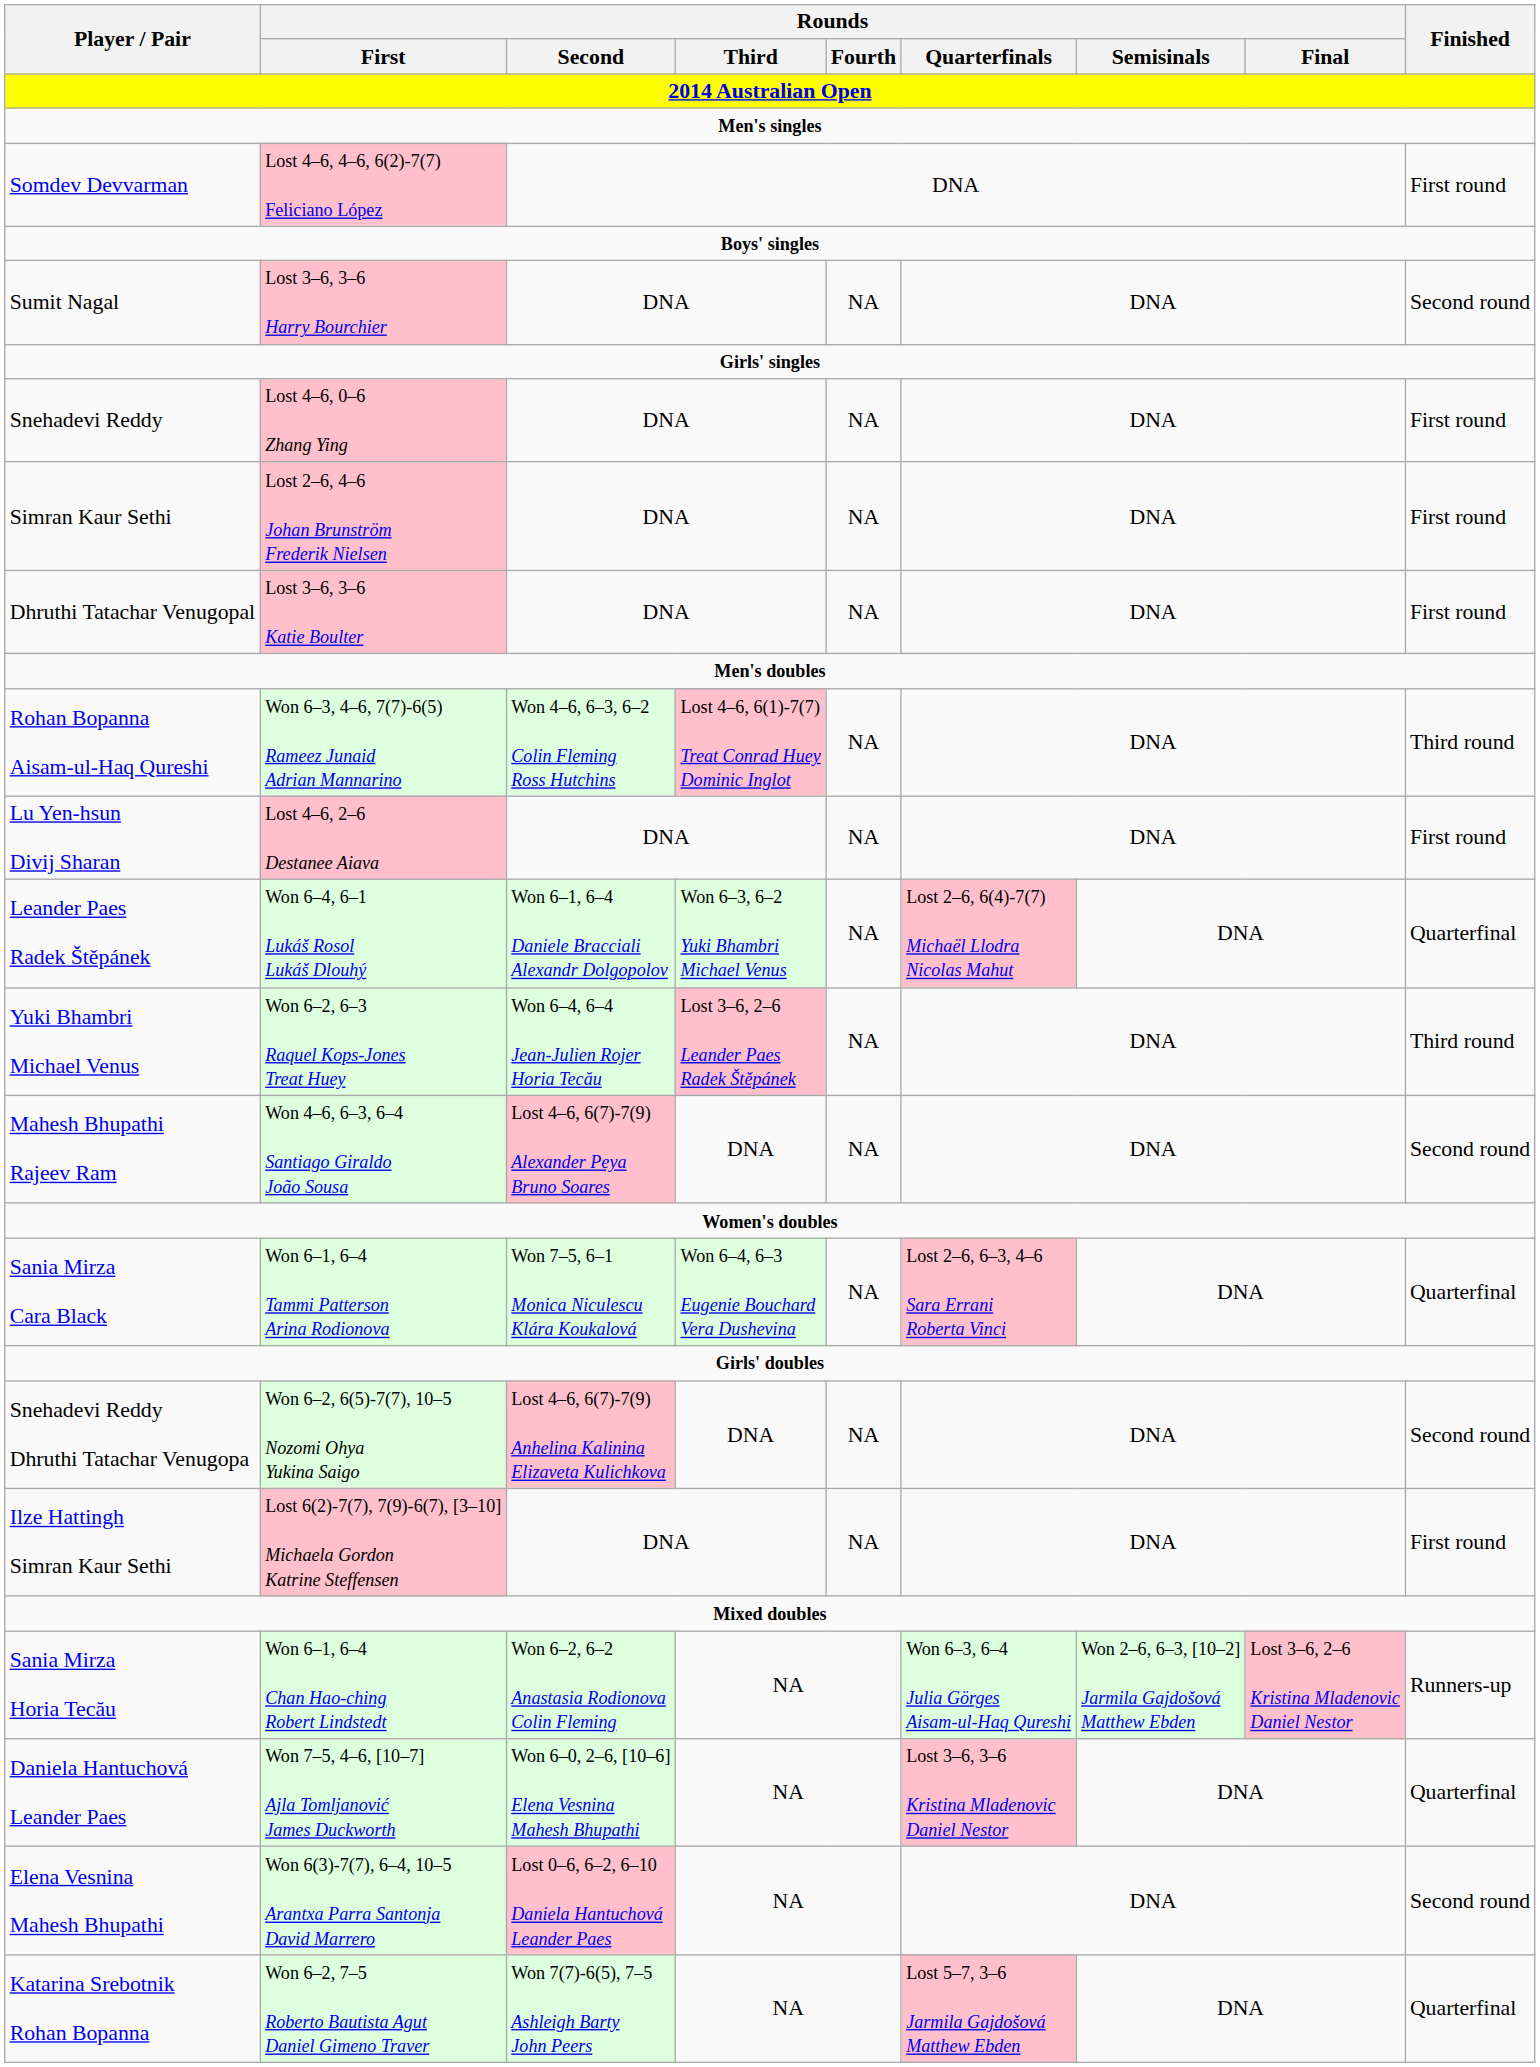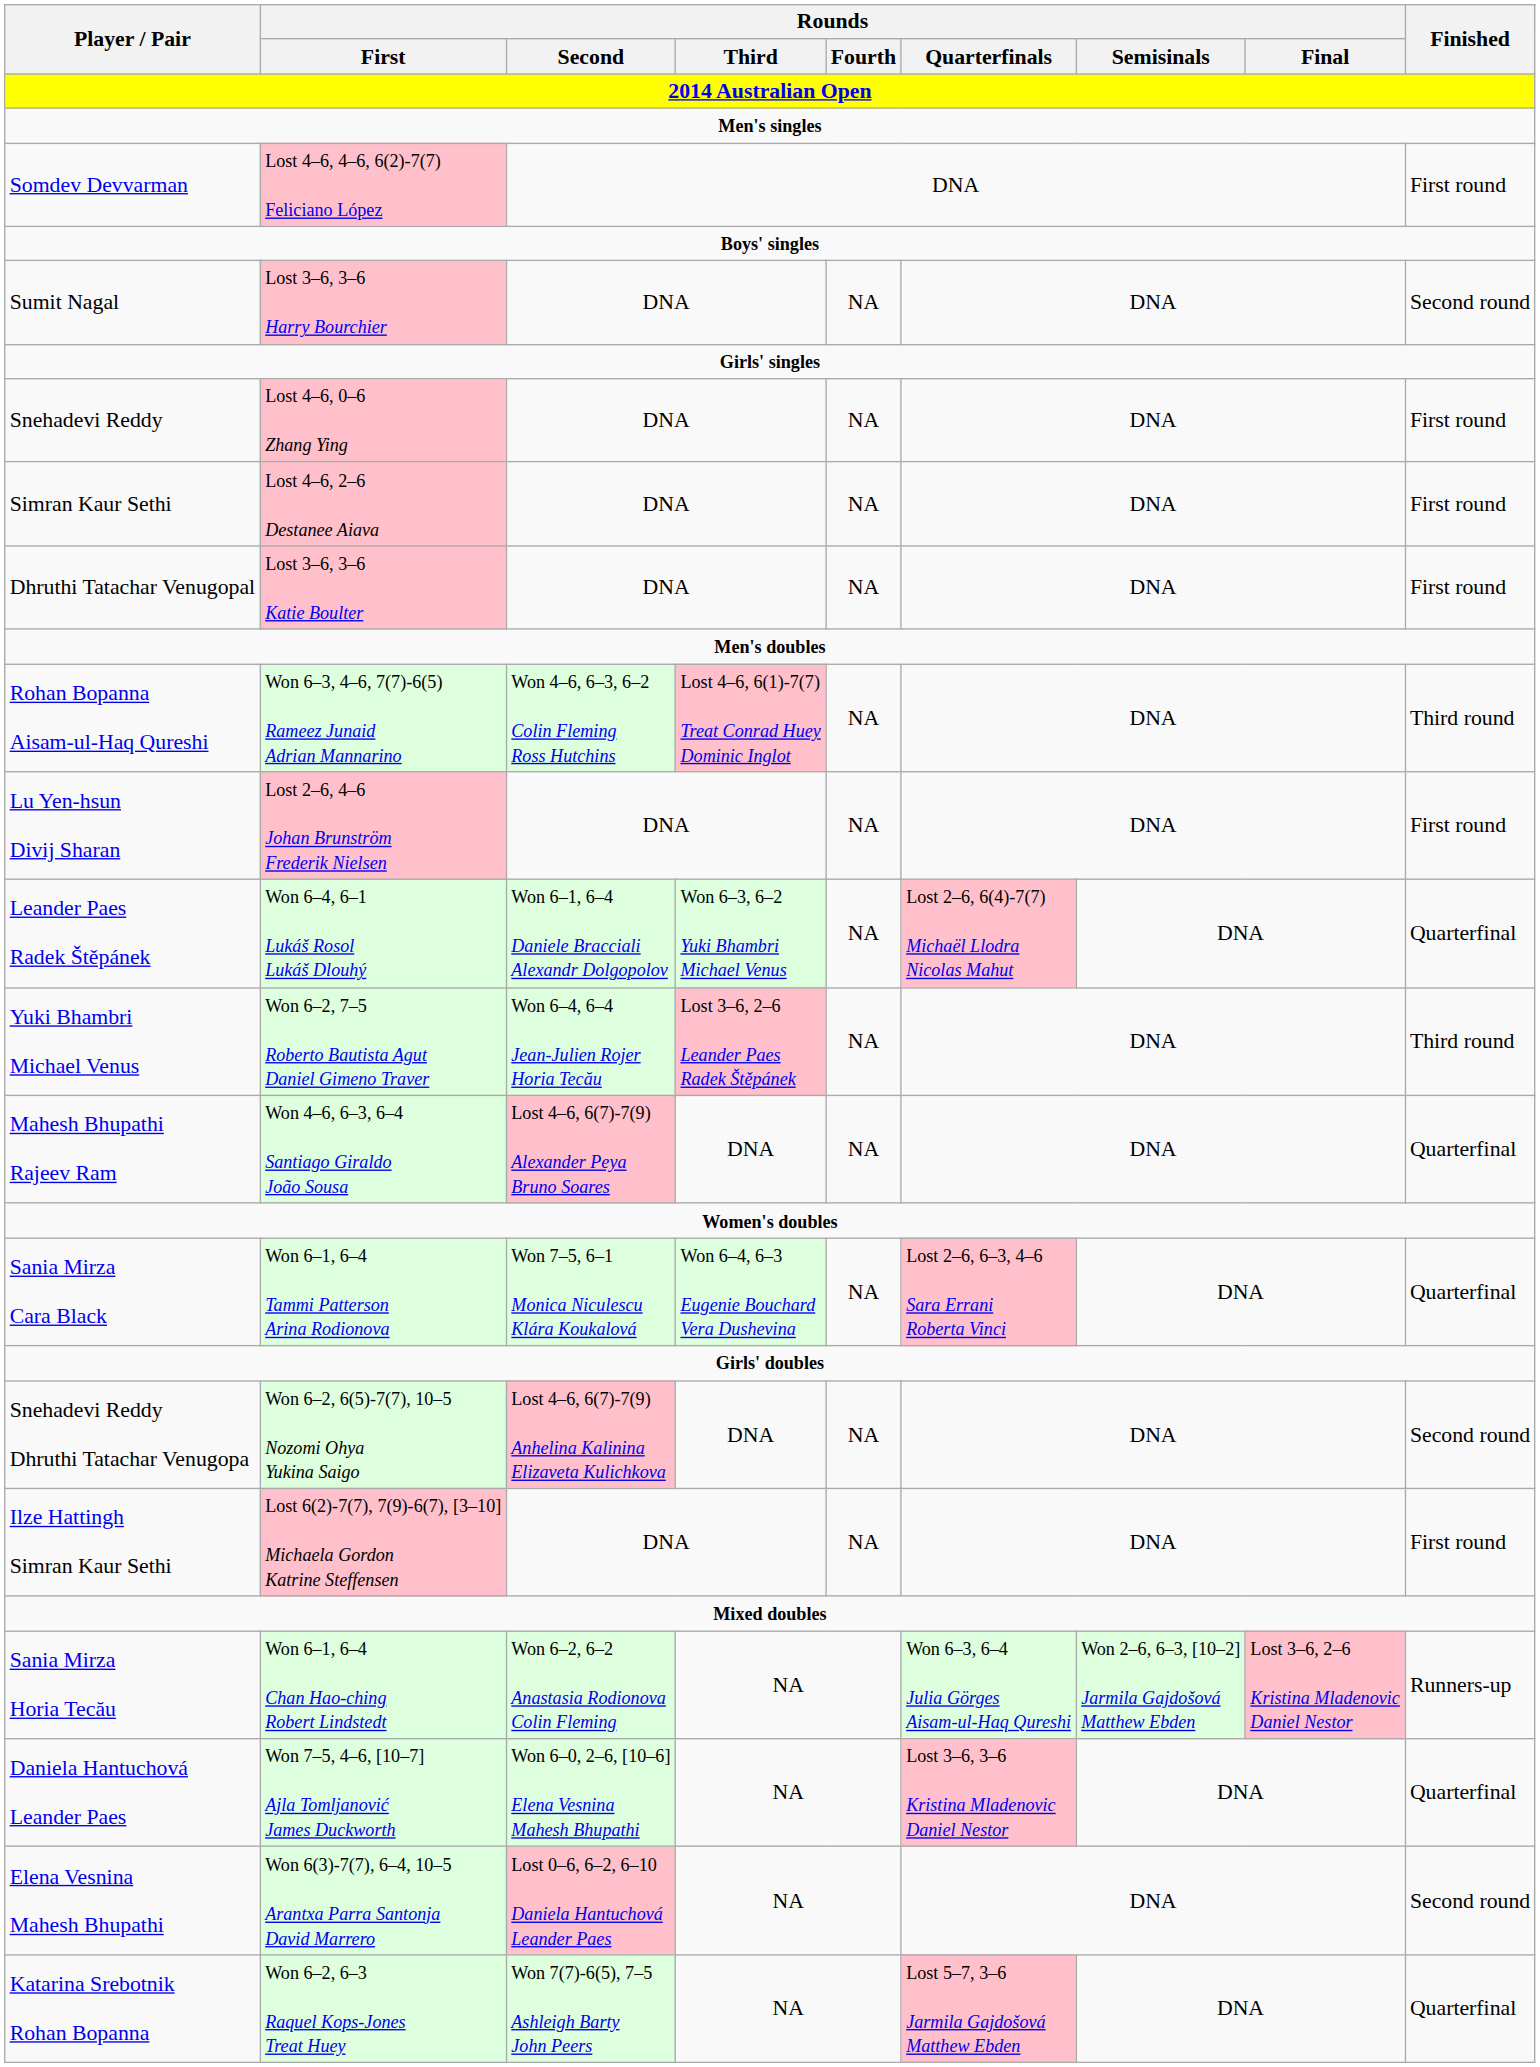 <table class="wikitable">
 <tr>
 <th rowspan=2>Player / Pair</th>
 <th colspan=7>Rounds</th>
 <th rowspan=2>Finished</th>
 </tr>
 <tr>
 <th>First</th>
 <th>Second</th>
 <th>Third</th>
 <th>Fourth</th>
 <th>Quarterfinals</th>
 <th>Semisinals</th>
 <th>Final</th>
 </tr>
 <tr>
 <td colspan=9 align="center" bgcolor="yellow"><strong><a href='#'>2014 Australian Open</a></strong></td>
 </tr>
 <tr>
 <td colspan=9 align="center" bgcolour="orange"><small><strong>Men's singles</strong></small></td>
 </tr>
 <tr>
 <td> <a href='#'>Somdev Devvarman</a></td>
 <td bgcolor="pink"><small>Lost 4–6, 4–6, 6(2)-7(7)</small><br><br><small> <a href='#'>Feliciano López</a></small></td>
 <td colspan=6 align="center">DNA</td>
 <td>First round</td>
 </tr>
 <tr>
 <td colspan=9 align="center" bgcolour="orange"><small><strong>Boys' singles</strong></small></td>
 </tr>
 <tr>
 <td> Sumit Nagal</td>
 <td bgcolor="pink"><small>Lost 3–6, 3–6</small><br><br><small><em> <a href='#'>Harry Bourchier</a></em></small></td>
 <td colspan=2 align="center">DNA</td>
 <td align="center">NA</td>
 <td colspan=3 align="center">DNA</td>
 <td>Second round</td>
 </tr>
 <tr>
 <td colspan=9 align="center" bgcolour="orange"><small><strong>Girls' singles</strong></small></td>
 </tr>
 <tr>
 <td> Snehadevi Reddy</td>
 <td bgcolor="pink"><small>Lost 4–6, 0–6</small><br><br><small><em> Zhang Ying</em></small></td>
 <td colspan=2 align="center">DNA</td>
 <td align="center">NA</td>
 <td colspan=3 align="center">DNA</td>
 <td>First round</td>
 </tr>
 <tr>
 <td> Simran Kaur Sethi</td>
-<td bgcolor="pink"><small>Lost 2–6, 4–6</small><br><br><small><em> <a href='#'>Johan Brunström</a></em></small><br> <small><em> <a href='#'>Frederik Nielsen</a></em></small></td>
+<td bgcolor="pink"><small>Lost 4–6, 2–6</small><br><br><small><em> Destanee Aiava</em></small></td>
 <td colspan=2 align="center">DNA</td>
 <td align="center">NA</td>
 <td colspan=3 align="center">DNA</td>
 <td>First round</td>
 </tr>
 <tr>
 <td> Dhruthi Tatachar Venugopal</td>
 <td bgcolor="pink"><small>Lost 3–6, 3–6</small><br><br><small><em> <a href='#'>Katie Boulter</a></em></small></td>
 <td colspan=2 align="center">DNA</td>
 <td align="center">NA</td>
 <td colspan=3 align="center">DNA</td>
 <td>First round</td>
 </tr>
 <tr>
 <td colspan=9 align="center" bgcolour="orange"><small><strong>Men's doubles</strong></small></td>
 </tr>
 <tr>
 <td> <a href='#'>Rohan Bopanna</a><br><br> <a href='#'>Aisam-ul-Haq Qureshi</a></td>
 <td style="background:#dfd;"><small>Won 6–3, 4–6, 7(7)-6(5)</small><br><br><small><em> <a href='#'>Rameez Junaid</a></em></small><br> <small><em> <a href='#'>Adrian Mannarino</a></em></small></td>
 <td style="background:#dfd;"><small>Won 4–6, 6–3, 6–2</small><br><br><small><em> <a href='#'>Colin Fleming</a></em></small><br> <small><em> <a href='#'>Ross Hutchins</a></em></small></td>
 <td bgcolor="pink"><small>Lost 4–6, 6(1)-7(7)</small><br><br><small><em> <a href='#'>Treat Conrad Huey</a></em></small><br> <small><em> <a href='#'>Dominic Inglot</a></em></small></td>
 <td align="center">NA</td>
 <td colspan=3 align="center">DNA</td>
 <td>Third round</td>
 </tr>
 <tr>
 <td> <a href='#'>Lu Yen-hsun</a><br><br> <a href='#'>Divij Sharan</a></td>
-<td bgcolor="pink"><small>Lost 4–6, 2–6</small><br><br><small><em> Destanee Aiava</em></small></td>
+<td bgcolor="pink"><small>Lost 2–6, 4–6</small><br><br><small><em> <a href='#'>Johan Brunström</a></em></small><br> <small><em> <a href='#'>Frederik Nielsen</a></em></small></td>
 <td colspan=2 align="center">DNA</td>
 <td align="center">NA</td>
 <td colspan=3 align="center">DNA</td>
 <td>First round</td>
 </tr>
 <tr>
 <td> <a href='#'>Leander Paes</a><br><br> <a href='#'>Radek Štěpánek</a></td>
 <td style="background:#dfd;"><small>Won 6–4, 6–1</small><br><br><small><em> <a href='#'>Lukáš Rosol</a></em></small><br> <small><em> <a href='#'>Lukáš Dlouhý</a></em></small></td>
 <td style="background:#dfd;"><small>Won 6–1, 6–4</small><br><br><small><em> <a href='#'>Daniele Bracciali</a></em></small><br> <small><em> <a href='#'>Alexandr Dolgopolov</a></em></small></td>
 <td style="background:#dfd;"><small>Won 6–3, 6–2</small><br><br><small><em> <a href='#'>Yuki Bhambri</a></em></small><br> <small><em> <a href='#'>Michael Venus</a></em></small></td>
 <td align="center">NA</td>
 <td bgcolor="pink"><small>Lost 2–6, 6(4)-7(7)</small><br><br><small><em> <a href='#'>Michaël Llodra</a></em></small><br> <small><em> <a href='#'>Nicolas Mahut</a></em></small></td>
 <td colspan=2 align="center">DNA</td>
 <td>Quarterfinal</td>
 </tr>
 <tr>
 <td> <a href='#'>Yuki Bhambri</a><br><br> <a href='#'>Michael Venus</a></td>
-<td style="background:#dfd;"><small>Won 6–2, 6–3</small><br><br><small><em> <a href='#'>Raquel Kops-Jones</a></em></small><br> <small><em> <a href='#'>Treat Huey</a></em></small></td>
+<td style="background:#dfd;"><small>Won 6–2, 7–5</small><br><br><small><em> <a href='#'>Roberto Bautista Agut</a></em></small><br> <small><em> <a href='#'>Daniel Gimeno Traver</a></em></small></td>
 <td style="background:#dfd;"><small>Won 6–4, 6–4</small><br><br><small><em> <a href='#'>Jean-Julien Rojer</a></em></small><br> <small><em> <a href='#'>Horia Tecău</a></em></small></td>
 <td bgcolor="pink"><small>Lost 3–6, 2–6</small><br><br><small><em> <a href='#'>Leander Paes</a></em></small><br> <small><em> <a href='#'>Radek Štěpánek</a></em></small></td>
 <td align="center">NA</td>
 <td colspan=3 align="center">DNA</td>
 <td>Third round</td>
 </tr>
 <tr>
 <td> <a href='#'>Mahesh Bhupathi</a><br><br> <a href='#'>Rajeev Ram</a></td>
 <td style="background:#dfd;"><small>Won 4–6, 6–3, 6–4</small><br><br><small><em> <a href='#'>Santiago Giraldo</a></em></small><br> <small><em> <a href='#'>João Sousa</a></em></small></td>
 <td bgcolor="pink"><small>Lost 4–6, 6(7)-7(9)</small><br><br><small><em> <a href='#'>Alexander Peya</a></em></small><br> <small><em> <a href='#'>Bruno Soares</a></em></small></td>
 <td align="center">DNA</td>
 <td align="center">NA</td>
 <td colspan=3 align="center">DNA</td>
-<td>Second round</td>
+<td>Quarterfinal</td>
 </tr>
 <tr>
 <td colspan=9 align="center" bgcolour="orange"><small><strong>Women's doubles</strong></small></td>
 </tr>
 <tr>
 <td> <a href='#'>Sania Mirza</a><br><br> <a href='#'>Cara Black</a></td>
 <td style="background:#dfd;"><small>Won 6–1, 6–4</small><br><br><small><em> <a href='#'>Tammi Patterson</a></em></small><br> <small><em> <a href='#'>Arina Rodionova</a></em></small></td>
 <td style="background:#dfd;"><small>Won 7–5, 6–1</small><br><br><small><em> <a href='#'>Monica Niculescu</a></em></small><br> <small><em> <a href='#'>Klára Koukalová</a></em></small></td>
 <td style="background:#dfd;"><small>Won 6–4, 6–3</small><br><br><small><em> <a href='#'>Eugenie Bouchard</a></em></small><br> <small><em> <a href='#'>Vera Dushevina</a></em></small></td>
 <td align="center">NA</td>
 <td bgcolor="pink"><small>Lost 2–6, 6–3, 4–6</small><br><br><small><em> <a href='#'>Sara Errani</a></em></small><br> <small><em> <a href='#'>Roberta Vinci</a></em></small></td>
 <td colspan=2 align="center">DNA</td>
 <td>Quarterfinal</td>
 </tr>
 <tr>
 <td colspan=9 align="center" bgcolour="orange"><small><strong>Girls' doubles</strong></small></td>
 </tr>
 <tr>
 <td> Snehadevi Reddy<br><br> Dhruthi Tatachar Venugopa</td>
 <td style="background:#dfd;"><small>Won 6–2, 6(5)-7(7), 10–5</small><br><br><small><em> Nozomi Ohya</em></small><br> <small><em> Yukina Saigo</em></small></td>
 <td bgcolor="pink"><small>Lost 4–6, 6(7)-7(9)</small><br><br><small><em> <a href='#'>Anhelina Kalinina</a></em></small><br> <small><em> <a href='#'>Elizaveta Kulichkova</a></em></small></td>
 <td align="center">DNA</td>
 <td align="center">NA</td>
 <td colspan=3 align="center">DNA</td>
 <td>Second round</td>
 </tr>
 <tr>
 <td> <a href='#'>Ilze Hattingh</a><br><br> Simran Kaur Sethi</td>
 <td bgcolor="pink"><small>Lost 6(2)-7(7), 7(9)-6(7), [3–10] </small><br><br><small><em> Michaela Gordon</em></small><br> <small><em> Katrine Steffensen</em></small></td>
 <td colspan=2 align="center">DNA</td>
 <td align="center">NA</td>
 <td colspan=3 align="center">DNA</td>
 <td>First round</td>
 </tr>
 <tr>
 <td colspan=9 align="center" bgcolour="orange"><small><strong>Mixed doubles</strong></small></td>
 </tr>
 <tr>
 <td> <a href='#'>Sania Mirza</a><br><br> <a href='#'>Horia Tecău</a></td>
 <td style="background:#dfd;"><small>Won 6–1, 6–4</small><br><br><small><em> <a href='#'>Chan Hao-ching</a></em></small><br> <small><em> <a href='#'>Robert Lindstedt</a></em></small></td>
 <td style="background:#dfd;"><small>Won 6–2, 6–2</small><br><br><small><em> <a href='#'>Anastasia Rodionova</a></em></small><br> <small><em> <a href='#'>Colin Fleming</a></em></small></td>
 <td align="center" colspan=2>NA</td>
 <td style="background:#dfd;"><small>Won 6–3, 6–4</small><br><br><small><em> <a href='#'>Julia Görges</a></em></small><br> <small><em> <a href='#'>Aisam-ul-Haq Qureshi</a></em></small></td>
 <td style="background:#dfd;"><small>Won 2–6, 6–3, [10–2]</small><br><br><small><em> <a href='#'>Jarmila Gajdošová</a></em></small><br> <small><em> <a href='#'>Matthew Ebden</a></em></small></td>
 <td bgcolor="pink"><small>Lost 3–6, 2–6</small><br><br><small><em> <a href='#'>Kristina Mladenovic</a></em></small><br> <small><em> <a href='#'>Daniel Nestor</a></em></small></td>
 <td>Runners-up</td>
 </tr>
 <tr>
 <td> <a href='#'>Daniela Hantuchová</a><br><br> <a href='#'>Leander Paes</a></td>
 <td style="background:#dfd;"><small>Won 7–5, 4–6, [10–7]</small><br><br><small><em> <a href='#'>Ajla Tomljanović</a></em></small><br> <small><em> <a href='#'>James Duckworth</a></em></small></td>
 <td style="background:#dfd;"><small>Won 6–0, 2–6, [10–6]</small><br><br><small><em> <a href='#'>Elena Vesnina</a></em></small><br> <small><em> <a href='#'>Mahesh Bhupathi</a></em></small></td>
 <td align="center" colspan=2>NA</td>
 <td bgcolor="pink"><small>Lost 3–6, 3–6</small><br><br><small><em> <a href='#'>Kristina Mladenovic</a></em></small><br> <small><em> <a href='#'>Daniel Nestor</a></em></small></td>
 <td colspan=2 align="center">DNA</td>
 <td>Quarterfinal</td>
 </tr>
 <tr>
 <td> <a href='#'>Elena Vesnina</a><br><br> <a href='#'>Mahesh Bhupathi</a></td>
 <td style="background:#dfd;"><small>Won 6(3)-7(7), 6–4, 10–5</small><br><br><small><em> <a href='#'>Arantxa Parra Santonja</a></em></small><br> <small><em> <a href='#'>David Marrero</a></em></small></td>
 <td bgcolor="pink"><small>Lost 0–6, 6–2, 6–10 </small><br><br><small><em> <a href='#'>Daniela Hantuchová</a></em></small><br> <small><em> <a href='#'>Leander Paes</a></em></small></td>
 <td align="center" colspan=2>NA</td>
 <td colspan=3 align="center">DNA</td>
 <td>Second round</td>
 </tr>
 <tr>
 <td> <a href='#'>Katarina Srebotnik</a><br><br> <a href='#'>Rohan Bopanna</a></td>
-<td style="background:#dfd;"><small>Won 6–2, 7–5</small><br><br><small><em> <a href='#'>Roberto Bautista Agut</a></em></small><br> <small><em> <a href='#'>Daniel Gimeno Traver</a></em></small></td>
+<td style="background:#dfd;"><small>Won 6–2, 6–3</small><br><br><small><em> <a href='#'>Raquel Kops-Jones</a></em></small><br> <small><em> <a href='#'>Treat Huey</a></em></small></td>
 <td style="background:#dfd;"><small>Won 7(7)-6(5), 7–5</small><br><br><small><em> <a href='#'>Ashleigh Barty</a></em></small><br> <small><em> <a href='#'>John Peers</a></em></small></td>
 <td align="center" colspan=2>NA</td>
 <td bgcolor="pink"><small>Lost 5–7, 3–6</small><br><br><small><em> <a href='#'>Jarmila Gajdošová</a></em></small><br> <small><em> <a href='#'>Matthew Ebden</a></em></small></td>
 <td colspan=2 align="center">DNA</td>
 <td>Quarterfinal</td>
 </tr>
 </table>
